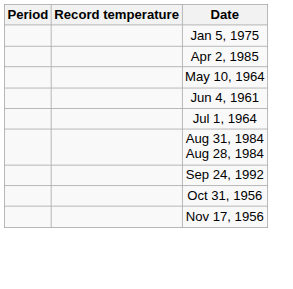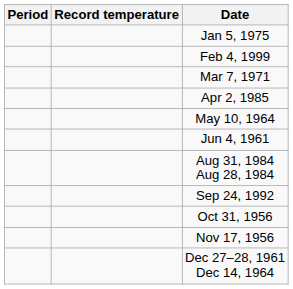 <table class="wikitable mw-collapsible sortable" style="text-align:center;">
 <tr>
 <th>Period</th>
 <th>Record temperature</th>
 <th>Date</th>
 </tr>
 <tr>
 <td></td>
 <td></td>
 <td>Jan 5, 1975</td>
+</tr>
+<tr>
+<td></td>
+<td></td>
+<td>Feb 4, 1999</td>
+</tr>
+<tr>
+<td></td>
+<td></td>
+<td>Mar 7, 1971</td>
 </tr>
 <tr>
 <td></td>
 <td></td>
 <td>Apr 2, 1985</td>
 </tr>
 <tr>
 <td></td>
 <td></td>
 <td>May 10, 1964</td>
 </tr>
 <tr>
 <td></td>
 <td></td>
 <td>Jun 4, 1961</td>
-</tr>
-<tr>
-<td></td>
-<td></td>
-<td>Jul 1, 1964</td>
 </tr>
 <tr>
 <td></td>
 <td></td>
 <td data-sort-value="Aug 31, 1984">Aug 31, 1984<br>Aug 28, 1984</td>
 </tr>
 <tr>
 <td></td>
 <td></td>
 <td>Sep 24, 1992</td>
 </tr>
 <tr>
 <td></td>
 <td></td>
 <td>Oct 31, 1956</td>
 </tr>
 <tr>
 <td></td>
 <td></td>
 <td>Nov 17, 1956</td>
 </tr>
+<tr>
+<td></td>
+<td></td>
+<td data-sort-value="Dec 27">Dec 27–28, 1961<br>Dec 14, 1964</td>
+</tr>
 </table>
